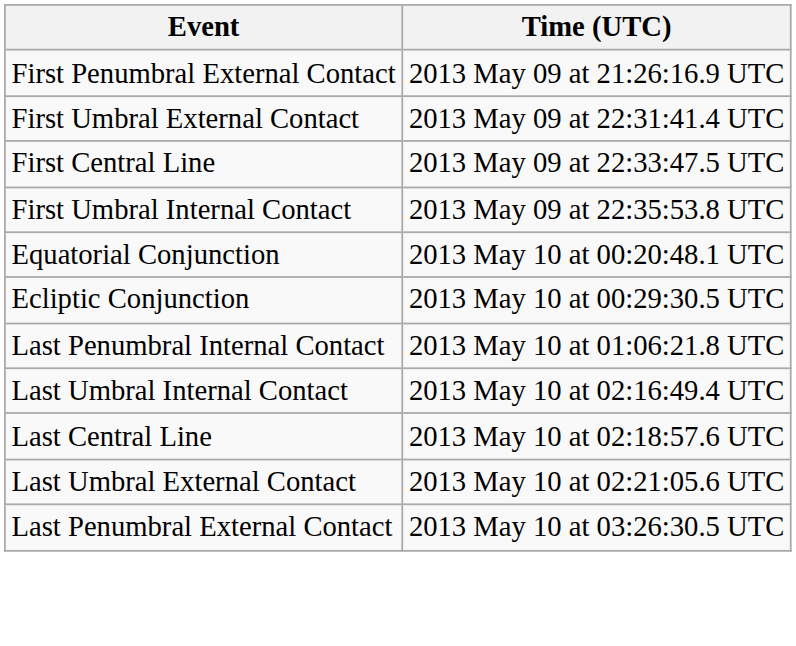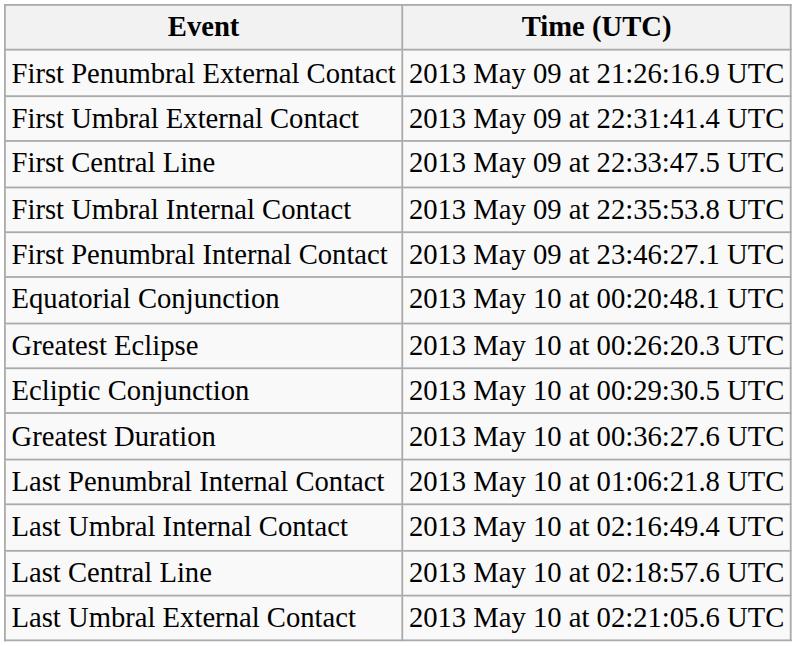 <table class="wikitable">
 <tr>
 <th>Event</th>
 <th>Time (UTC)</th>
 </tr>
 <tr>
 <td>First Penumbral External Contact</td>
 <td>2013 May 09 at 21:26:16.9 UTC</td>
 </tr>
 <tr>
 <td>First Umbral External Contact</td>
 <td>2013 May 09 at 22:31:41.4 UTC</td>
 </tr>
 <tr>
 <td>First Central Line</td>
 <td>2013 May 09 at 22:33:47.5 UTC</td>
 </tr>
 <tr>
 <td>First Umbral Internal Contact</td>
 <td>2013 May 09 at 22:35:53.8 UTC</td>
 </tr>
 <tr>
+<td>First Penumbral Internal Contact</td>
+<td>2013 May 09 at 23:46:27.1 UTC</td>
+</tr>
+<tr>
 <td>Equatorial Conjunction</td>
 <td>2013 May 10 at 00:20:48.1 UTC</td>
 </tr>
 <tr>
+<td>Greatest Eclipse</td>
+<td>2013 May 10 at 00:26:20.3 UTC</td>
+</tr>
+<tr>
 <td>Ecliptic Conjunction</td>
 <td>2013 May 10 at 00:29:30.5 UTC</td>
+</tr>
+<tr>
+<td>Greatest Duration</td>
+<td>2013 May 10 at 00:36:27.6 UTC</td>
 </tr>
 <tr>
 <td>Last Penumbral Internal Contact</td>
 <td>2013 May 10 at 01:06:21.8 UTC</td>
 </tr>
 <tr>
 <td>Last Umbral Internal Contact</td>
 <td>2013 May 10 at 02:16:49.4 UTC</td>
 </tr>
 <tr>
 <td>Last Central Line</td>
 <td>2013 May 10 at 02:18:57.6 UTC</td>
 </tr>
 <tr>
 <td>Last Umbral External Contact</td>
 <td>2013 May 10 at 02:21:05.6 UTC</td>
 </tr>
-<tr>
-<td>Last Penumbral External Contact</td>
-<td>2013 May 10 at 03:26:30.5 UTC</td>
-</tr>
 </table>
